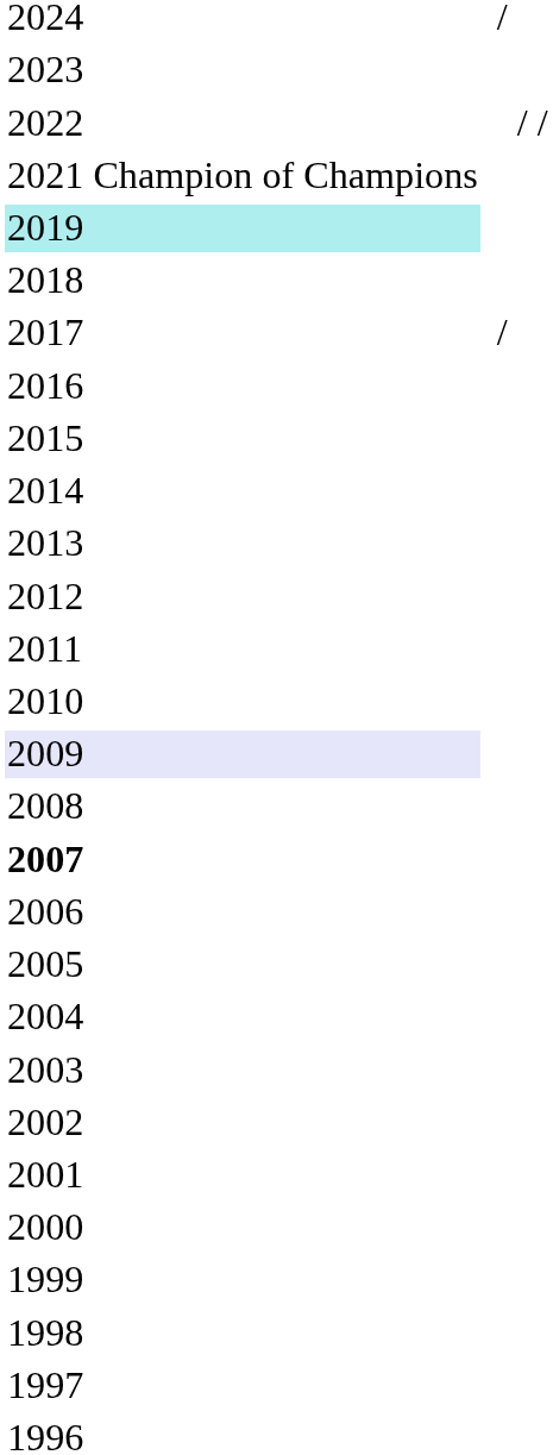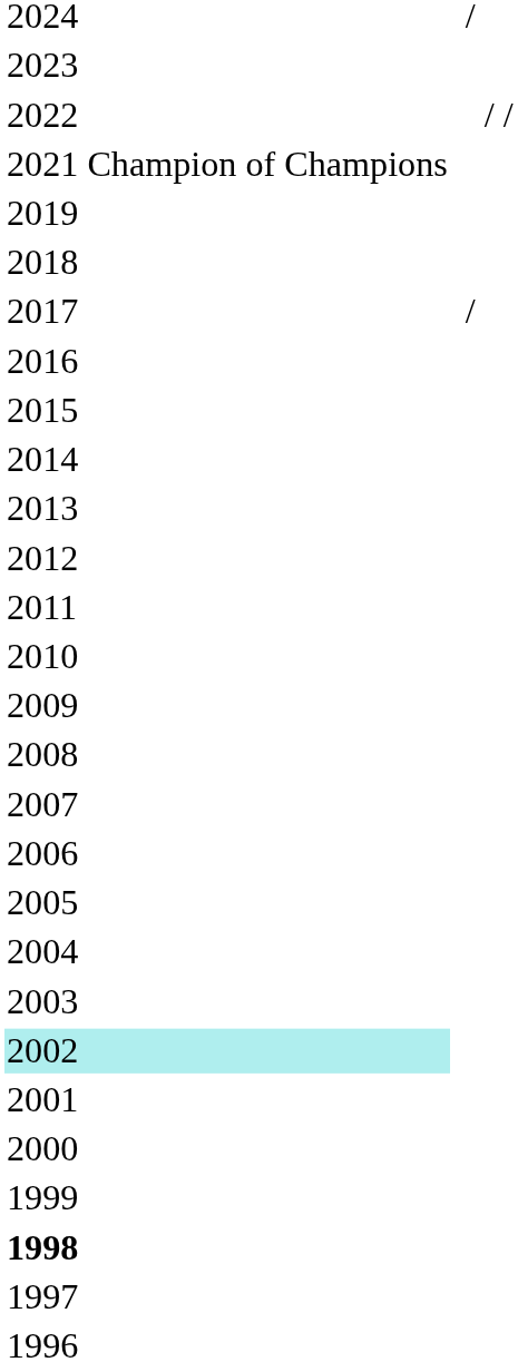 <table>
 <tr>
 <td>2024</td>
 <td></td>
 <td> / </td>
 <td></td>
 </tr>
 <tr>
 <td>2023</td>
 <td></td>
 <td></td>
 <td></td>
 </tr>
 <tr>
 <td>2022</td>
 <td></td>
 <td></td>
 <td> /  / </td>
 </tr>
 <tr>
 <td>2021 Champion of Champions</td>
 <td></td>
 <td></td>
 <td></td>
 </tr>
 <tr>
-<td style="background: paleturquoise;">2019</td>
+<td>2019</td>
 <td></td>
 <td></td>
 <td></td>
 </tr>
 <tr>
 <td>2018</td>
 <td></td>
 <td></td>
 <td></td>
 </tr>
 <tr>
 <td>2017</td>
 <td></td>
 <td> / </td>
 <td></td>
 </tr>
 <tr>
 <td>2016</td>
 <td></td>
 <td></td>
 <td></td>
 </tr>
 <tr>
 <td>2015</td>
 <td></td>
 <td></td>
 <td></td>
 </tr>
 <tr>
 <td>2014</td>
 <td></td>
 <td></td>
 <td></td>
 </tr>
 <tr>
 <td>2013</td>
 <td></td>
 <td></td>
 <td></td>
 </tr>
 <tr>
 <td>2012</td>
 <td></td>
 <td></td>
 <td></td>
 </tr>
 <tr>
 <td>2011</td>
 <td></td>
 <td></td>
 <td></td>
 </tr>
 <tr>
 <td>2010</td>
 <td></td>
 <td></td>
 <td></td>
 </tr>
 <tr>
-<td style="background: lavender;">2009</td>
+<td>2009</td>
 <td></td>
 <td></td>
 <td></td>
 </tr>
 <tr>
 <td>2008</td>
 <td></td>
 <td></td>
 <td></td>
 </tr>
 <tr>
-<td><strong>2007</strong></td>
+<td>2007</td>
 <td></td>
 <td></td>
 <td></td>
 </tr>
 <tr>
 <td>2006</td>
 <td></td>
 <td></td>
 <td></td>
 </tr>
 <tr>
 <td>2005</td>
 <td></td>
 <td></td>
 <td></td>
 </tr>
 <tr>
 <td>2004</td>
 <td></td>
 <td></td>
 <td></td>
 </tr>
 <tr>
 <td>2003</td>
 <td></td>
 <td></td>
 <td></td>
 </tr>
 <tr>
-<td>2002</td>
+<td style="background: paleturquoise;">2002</td>
 <td></td>
 <td></td>
 <td></td>
 </tr>
 <tr>
 <td>2001</td>
 <td></td>
 <td></td>
 <td></td>
 </tr>
 <tr>
 <td>2000</td>
 <td></td>
 <td></td>
 <td></td>
 </tr>
 <tr>
 <td>1999</td>
 <td></td>
 <td></td>
 <td></td>
 </tr>
 <tr>
-<td>1998</td>
+<td><strong>1998</strong></td>
 <td></td>
 <td></td>
 <td></td>
 </tr>
 <tr>
 <td>1997</td>
 <td></td>
 <td></td>
 <td></td>
 </tr>
 <tr>
 <td>1996</td>
 <td></td>
 <td></td>
 <td></td>
 </tr>
 </table>
